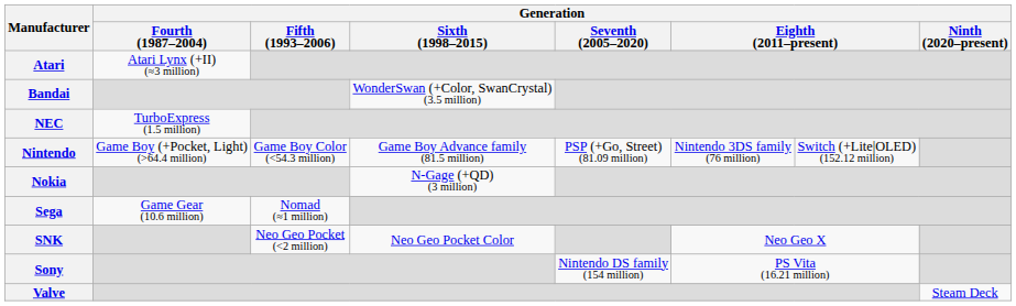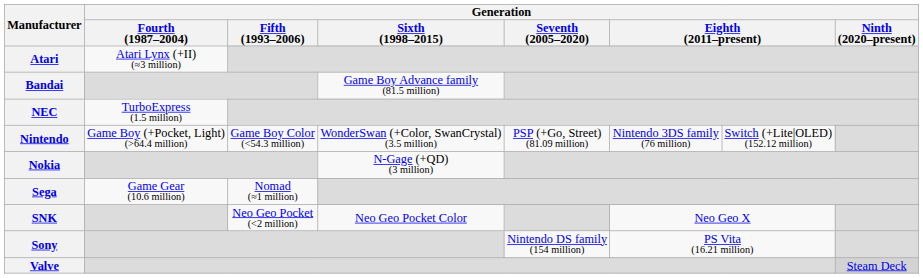 <table class="wikitable" style="text-align:center; width:auto; line-height:13px;">
 <tr>
 <th rowspan="2" scope="col">Manufacturer</th>
 <th colspan="9" scope="col">Generation</th>
 </tr>
 <tr>
 <th scope="col"><a href='#'>Fourth</a><br><span>(1987–2004)</span></th>
 <th scope="col"><a href='#'>Fifth</a><br><span>(1993–2006)</span></th>
 <th scope="col"><a href='#'>Sixth</a><br><span>(1998–2015)</span></th>
 <th scope="col"><a href='#'>Seventh</a><br><span>(2005–2020)</span></th>
 <th colspan="2" scope="col"><a href='#'>Eighth</a><br><span>(2011–present)</span></th>
 <th scope="col"><a href='#'>Ninth</a><br><span>(2020–present)</span></th>
 </tr>
 <tr>
 <th><a href='#'>Atari</a></th>
 <td bgcolor="#F8F8F8"><a href='#'>Atari Lynx</a> (+II) <br><small>(≈3 million)</small></td>
 <td bgcolor="#DCDCDC" colspan="6"></td>
 </tr>
 <tr>
 <th><a href='#'>Bandai</a></th>
 <td bgcolor="#DCDCDC" colspan="2"></td>
-<td bgcolor="#F8F8F8"><a href='#'>WonderSwan</a> (+Color, SwanCrystal) <br><small>(3.5 million)</small></td>
+<td bgcolor="#F8F8F8"><a href='#'>Game Boy Advance family</a> <br><small>(81.5 million)</small></td>
 <td bgcolor="#DCDCDC" colspan="6"></td>
 </tr>
 <tr>
 <th><a href='#'>NEC</a></th>
 <td bgcolor="#F8F8F8"><a href='#'>TurboExpress</a> <br><small>(1.5 million)</small></td>
 <td bgcolor="#DCDCDC" colspan="6"></td>
 </tr>
 <tr>
 <th><a href='#'>Nintendo</a></th>
 <td bgcolor="#F8F8F8"><a href='#'>Game Boy</a> (+Pocket, Light) <br><small>(>64.4 million)</small></td>
 <td bgcolor="#F8F8F8"><a href='#'>Game Boy Color</a> <br><small>(<54.3 million)</small></td>
-<td bgcolor="#F8F8F8"><a href='#'>Game Boy Advance family</a> <br><small>(81.5 million)</small></td>
+<td bgcolor="#F8F8F8"><a href='#'>WonderSwan</a> (+Color, SwanCrystal) <br><small>(3.5 million)</small></td>
 <td bgcolor="#F8F8F8"><a href='#'>PSP</a> (+Go, Street) <br><small>(81.09 million)</small></td>
 <td bgcolor="#F8F8F8"><a href='#'>Nintendo 3DS family</a> <br><small>(76 million)</small></td>
 <td bgcolor="#F8F8F8"><a href='#'>Switch</a> (+Lite|OLED) <br><small>(152.12 million)</small></td>
 <td bgcolor="#DCDCDC" colspan="1"></td>
 </tr>
 <tr>
 <th><a href='#'>Nokia</a></th>
 <td bgcolor="#DCDCDC" colspan="2"></td>
 <td bgcolor="#F8F8F8"><a href='#'>N-Gage</a> (+QD) <br><small>(3 million)</small></td>
 <td bgcolor="#DCDCDC" colspan="4"></td>
 </tr>
 <tr>
 <th><a href='#'>Sega</a></th>
 <td bgcolor="#F8F8F8"><a href='#'>Game Gear</a> <br><small>(10.6 million)</small></td>
 <td bgcolor="#F8F8F8"><a href='#'>Nomad</a> <br><small>(≈1 million)</small></td>
 <td bgcolor="#DCDCDC" colspan="5"></td>
 </tr>
 <tr>
 <th><a href='#'>SNK</a></th>
 <td bgcolor="#DCDCDC" colspan="1"></td>
 <td bgcolor="#F8F8F8"><a href='#'>Neo Geo Pocket</a> <br><small>(<2 million)</small></td>
 <td bgcolor="#F8F8F8"><a href='#'>Neo Geo Pocket Color</a></td>
 <td bgcolor="#DCDCDC" colspan="1"></td>
 <td bgcolor="#F8F8F8" colspan="2"><a href='#'>Neo Geo X</a></td>
 <td bgcolor="#DCDCDC" colspan="3"></td>
 </tr>
 <tr>
 <th><a href='#'>Sony</a></th>
 <td bgcolor="#DCDCDC" colspan="3"></td>
 <td bgcolor="#F8F8F8"><a href='#'>Nintendo DS family</a> <br><small>(154 million)</small></td>
 <td bgcolor="#F8F8F8" colspan="2"><a href='#'>PS Vita</a> <br><small>(16.21 million)</small></td>
 <td bgcolor="#DCDCDC" colspan="1"></td>
 </tr>
 <tr>
 <th><a href='#'>Valve</a></th>
 <td bgcolor="#DCDCDC" colspan="6"></td>
-<td><a href='#'>Steam Deck</a> </td>
+<td style="background: lightgrey;"><a href='#'>Steam Deck</a> </td>
 </tr>
 </table>
